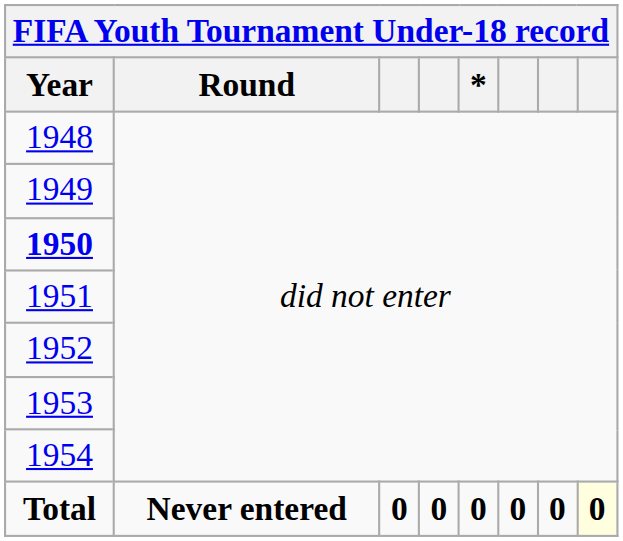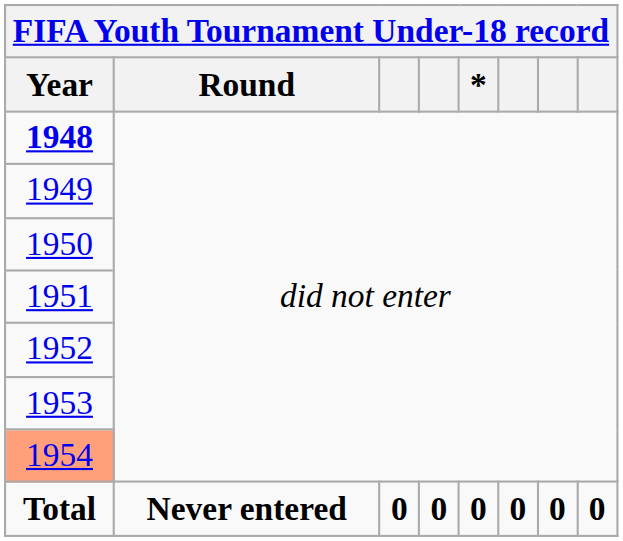 <table class="wikitable" style="text-align: center;">
 <tr>
 <th colspan=9><a href='#'>FIFA Youth Tournament Under-18 record</a></th>
 </tr>
 <tr>
 <th>Year</th>
 <th>Round</th>
 <th></th>
 <th></th>
 <th>*</th>
 <th></th>
 <th></th>
 <th></th>
 </tr>
 <tr>
-<td> <a href='#'>1948</a></td>
+<td><strong> <a href='#'>1948</a></strong></td>
 <td colspan=7 rowspan=7><em>did not enter</em></td>
 </tr>
 <tr>
 <td> <a href='#'>1949</a></td>
 </tr>
 <tr>
-<td><strong> <a href='#'>1950</a></strong></td>
+<td> <a href='#'>1950</a></td>
 </tr>
 <tr>
 <td> <a href='#'>1951</a></td>
 </tr>
 <tr>
 <td> <a href='#'>1952</a></td>
 </tr>
 <tr>
 <td> <a href='#'>1953</a></td>
 </tr>
 <tr>
-<td> <a href='#'>1954</a></td>
+<td style="background: lightsalmon;"> <a href='#'>1954</a></td>
 </tr>
 <tr>
 <td><strong>Total</strong></td>
 <td><strong>Never entered</strong></td>
 <td><strong>0</strong></td>
 <td><strong>0</strong></td>
 <td><strong>0</strong></td>
 <td><strong>0</strong></td>
 <td><strong>0</strong></td>
-<td style="background: lightyellow;"><strong>0</strong></td>
+<td><strong>0</strong></td>
 </tr>
 </table>
